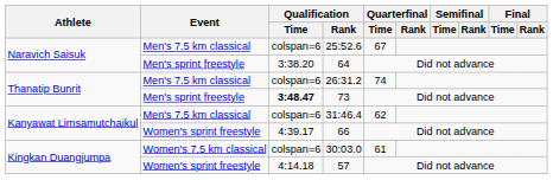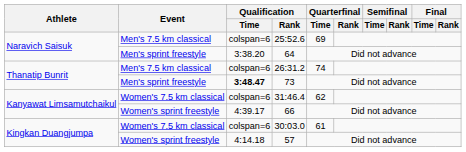 <table class="wikitable" style="font-size:90%">
 <tr>
 <th rowspan="2">Athlete</th>
 <th rowspan="2">Event</th>
 <th colspan="2">Qualification</th>
 <th colspan="2">Quarterfinal</th>
 <th colspan="2">Semifinal</th>
 <th colspan="2">Final</th>
 </tr>
 <tr style="font-size:95%">
 <th>Time</th>
 <th>Rank</th>
 <th>Time</th>
 <th>Rank</th>
 <th>Time</th>
 <th>Rank</th>
 <th>Time</th>
 <th>Rank</th>
 </tr>
 <tr align=center>
 <td align=left rowspan=2><a href='#'>Naravich Saisuk</a></td>
 <td align=left><a href='#'>Men's 7.5 km classical</a></td>
 <td>colspan=6</td>
 <td>25:52.6</td>
-<td>67</td>
+<td>69</td>
 </tr>
 <tr align=center>
 <td align=left><a href='#'>Men's sprint freestyle</a></td>
 <td>3:38.20</td>
 <td>64</td>
 <td colspan=6>Did not advance</td>
 </tr>
 <tr align=center>
 <td align=left rowspan=2><a href='#'>Thanatip Bunrit</a></td>
 <td align=left><a href='#'>Men's 7.5 km classical</a></td>
 <td>colspan=6</td>
 <td>26:31.2</td>
 <td>74</td>
 </tr>
 <tr align=center>
 <td align=left><a href='#'>Men's sprint freestyle</a></td>
 <td><strong>3:48.47</strong></td>
 <td>73</td>
 <td colspan=6>Did not advance</td>
 </tr>
 <tr align=center>
 <td align=left rowspan=2><a href='#'>Kanyawat Limsamutchaikul</a></td>
-<td align=left><a href='#'>Men's 7.5 km classical</a></td>
+<td align=left><a href='#'>Women's 7.5 km classical</a></td>
 <td>colspan=6</td>
 <td>31:46.4</td>
 <td>62</td>
 </tr>
 <tr align=center>
 <td align=left><a href='#'>Women's sprint freestyle</a></td>
 <td>4:39.17</td>
 <td>66</td>
 <td colspan=6>Did not advance</td>
 </tr>
 <tr align=center>
 <td align=left rowspan=2><a href='#'>Kingkan Duangjumpa</a></td>
 <td align=left><a href='#'>Women's 7.5 km classical</a></td>
 <td>colspan=6</td>
 <td>30:03.0</td>
 <td>61</td>
 </tr>
 <tr align=center>
 <td align=left><a href='#'>Women's sprint freestyle</a></td>
 <td>4:14.18</td>
 <td>57</td>
 <td colspan=6>Did not advance</td>
 </tr>
 </table>
